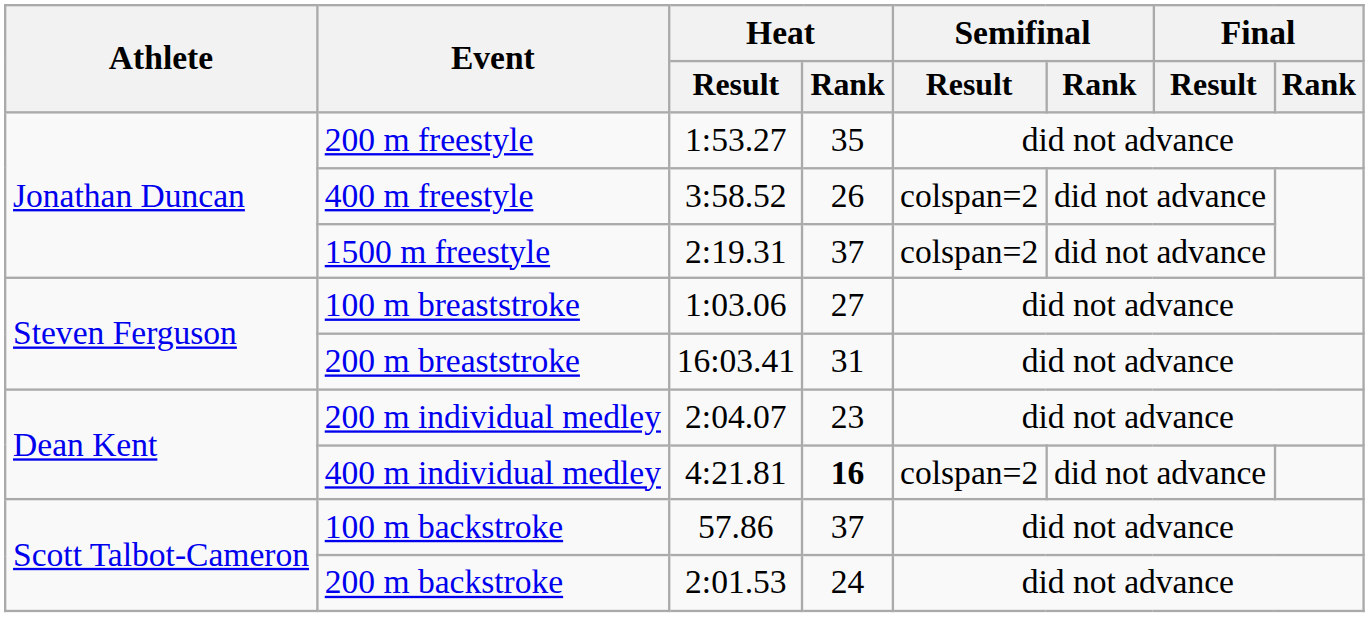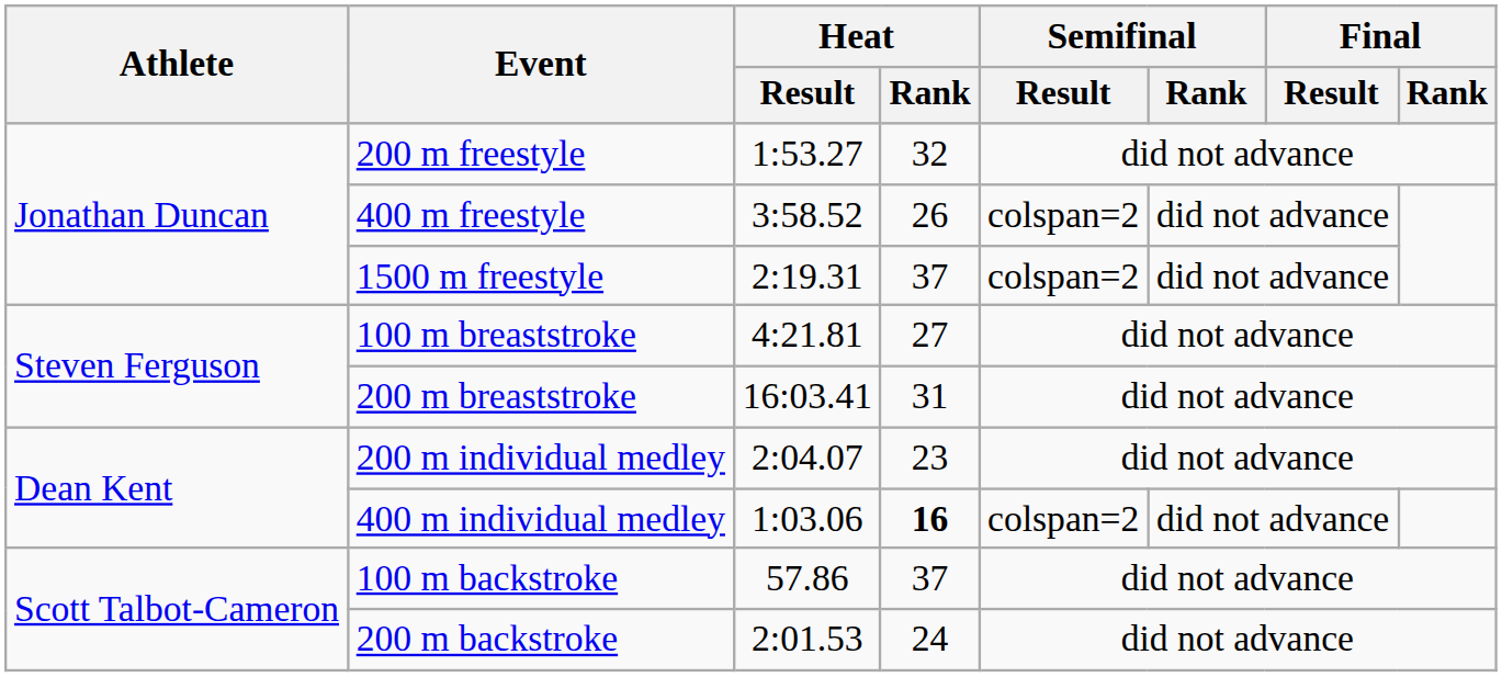 <table class="wikitable" style="font-size:90%;text-align:center;">
 <tr>
 <th rowspan=2>Athlete</th>
 <th rowspan=2>Event</th>
 <th colspan=2>Heat</th>
 <th colspan=2>Semifinal</th>
 <th colspan=2>Final</th>
 </tr>
 <tr style="font-size:95%">
 <th>Result</th>
 <th>Rank</th>
 <th>Result</th>
 <th>Rank</th>
 <th>Result</th>
 <th>Rank</th>
 </tr>
 <tr>
 <td align=left rowspan=3><a href='#'>Jonathan Duncan</a></td>
 <td align=left><a href='#'>200 m freestyle</a></td>
 <td>1:53.27</td>
-<td>35</td>
+<td>32</td>
 <td colspan=4>did not advance</td>
 </tr>
 <tr>
 <td align=left><a href='#'>400 m freestyle</a></td>
 <td>3:58.52</td>
 <td>26</td>
 <td>colspan=2  </td>
 <td colspan=2>did not advance</td>
 </tr>
 <tr>
 <td align=left><a href='#'>1500 m freestyle</a></td>
 <td>2:19.31</td>
 <td>37</td>
 <td>colspan=2  </td>
 <td colspan=2>did not advance</td>
 </tr>
 <tr>
 <td align=left rowspan=2><a href='#'>Steven Ferguson</a></td>
 <td align=left><a href='#'>100 m breaststroke</a></td>
-<td>1:03.06</td>
+<td>4:21.81</td>
 <td>27</td>
 <td colspan=4>did not advance</td>
 </tr>
 <tr>
 <td align=left><a href='#'>200 m breaststroke</a></td>
 <td>16:03.41</td>
 <td>31</td>
 <td colspan=4>did not advance</td>
 </tr>
 <tr>
 <td align=left rowspan=2><a href='#'>Dean Kent</a></td>
 <td align=left><a href='#'>200 m individual medley</a></td>
 <td>2:04.07</td>
 <td>23</td>
 <td colspan=4>did not advance</td>
 </tr>
 <tr>
 <td align=left><a href='#'>400 m individual medley</a></td>
-<td>4:21.81</td>
+<td>1:03.06</td>
 <td><strong>16</strong></td>
 <td>colspan=2  </td>
 <td colspan=2>did not advance</td>
 </tr>
 <tr>
 <td align=left rowspan=2><a href='#'>Scott Talbot-Cameron</a></td>
 <td align=left><a href='#'>100 m backstroke</a></td>
 <td>57.86</td>
 <td>37</td>
 <td colspan=4>did not advance</td>
 </tr>
 <tr>
 <td align=left><a href='#'>200 m backstroke</a></td>
 <td>2:01.53</td>
 <td>24</td>
 <td colspan=4>did not advance</td>
 </tr>
 </table>
